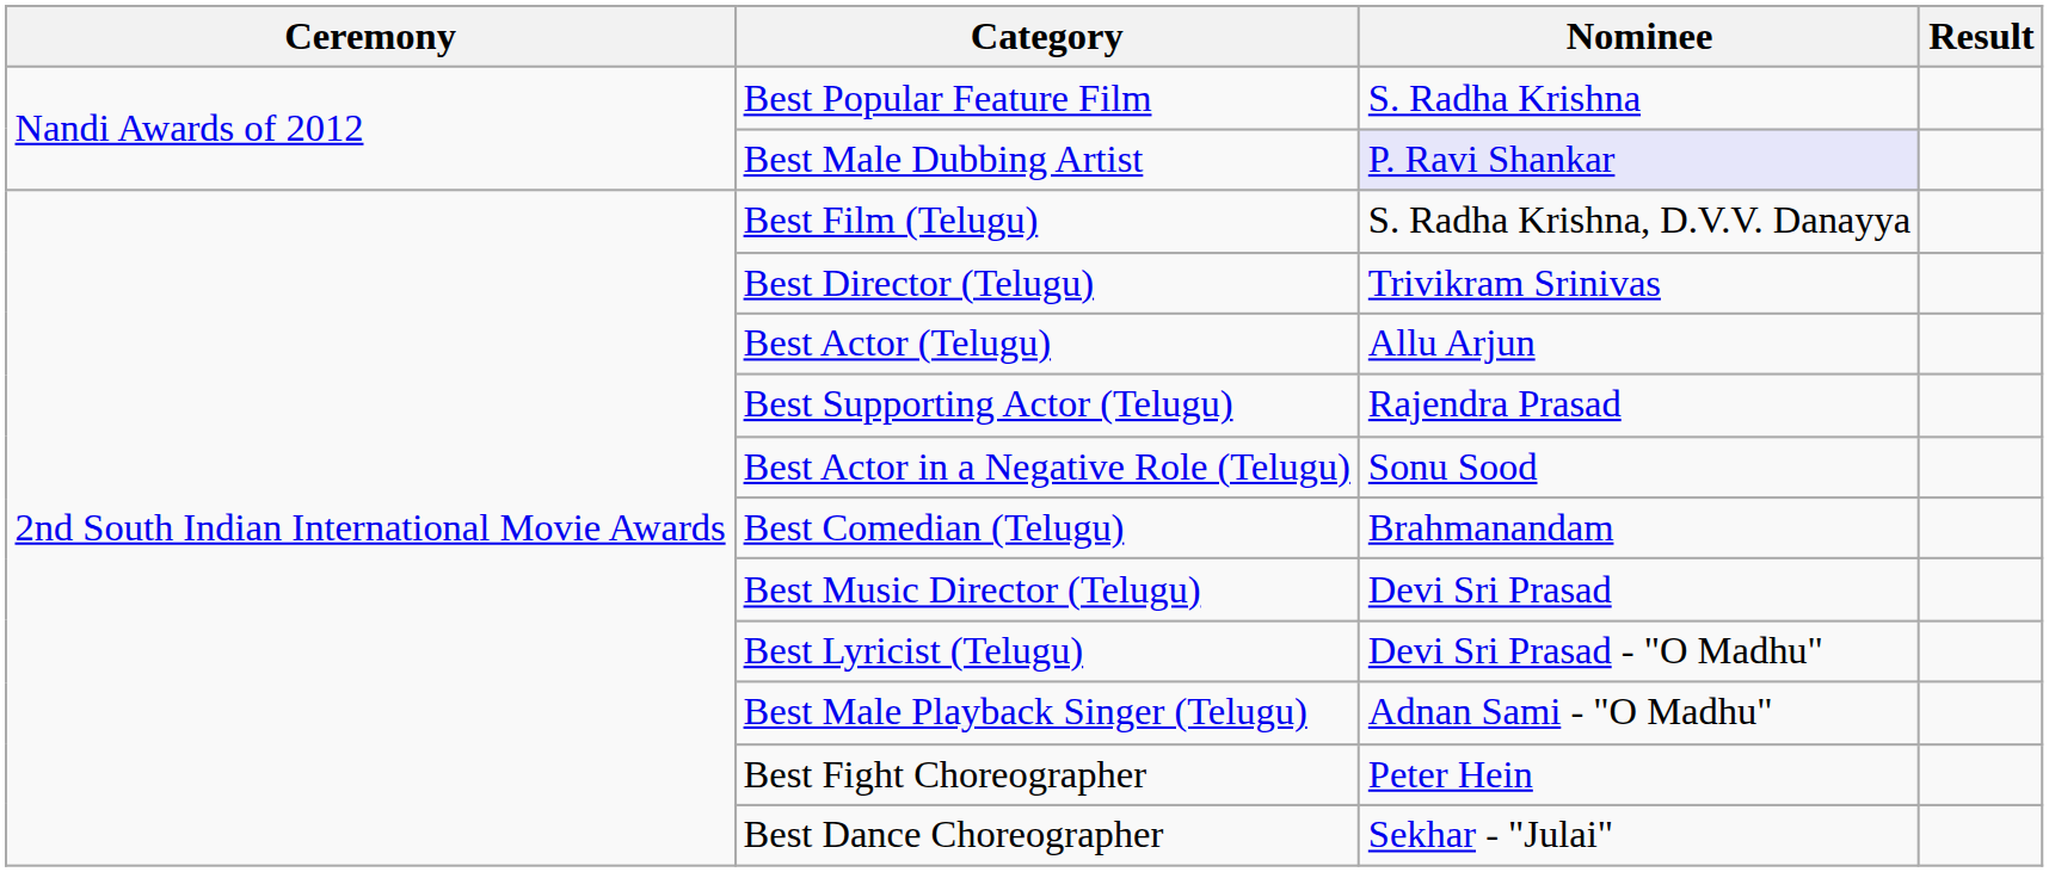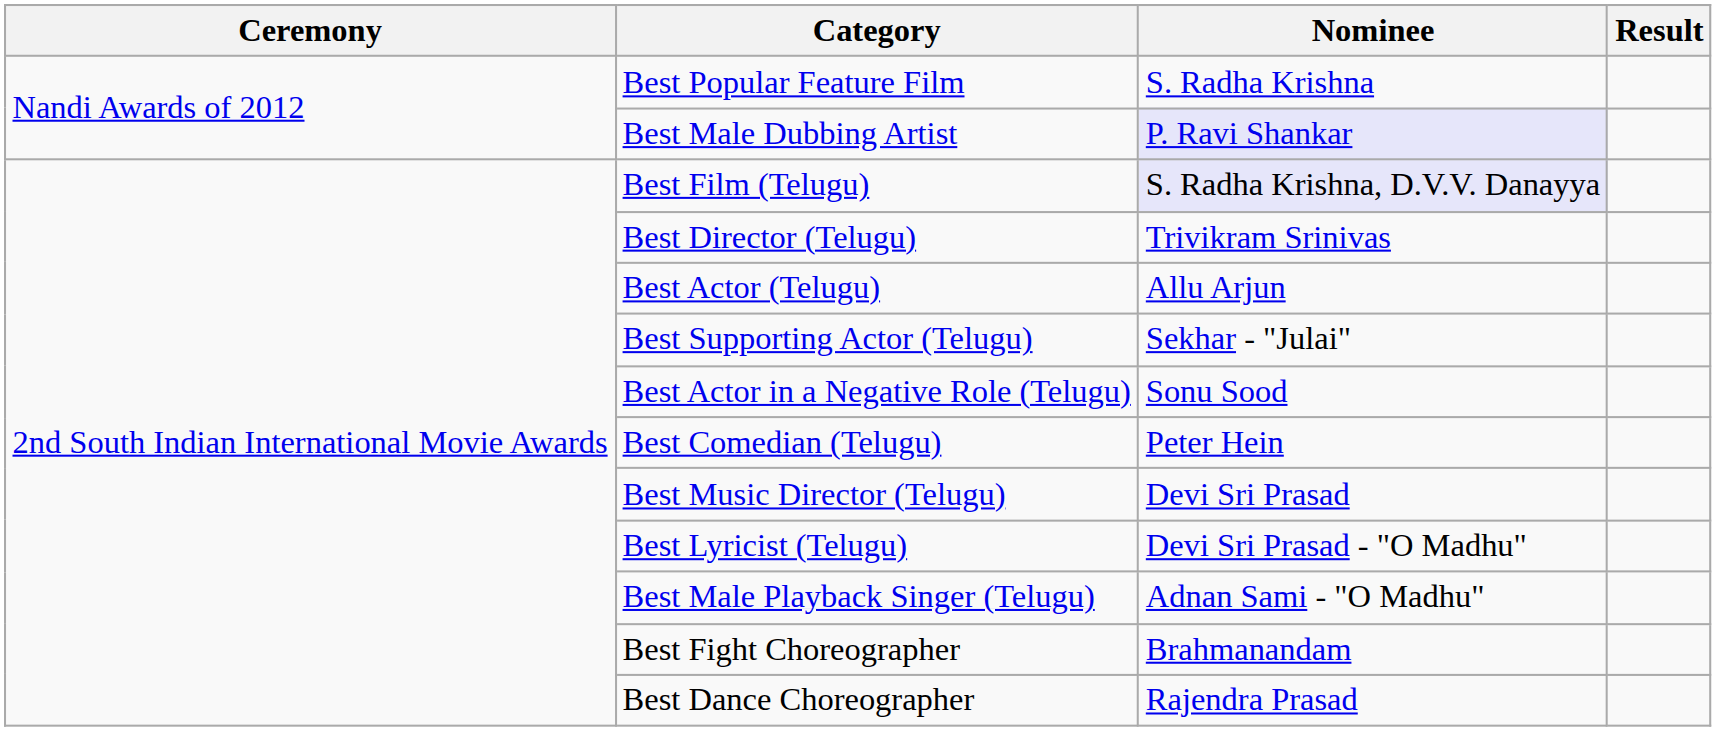 <table class="wikitable">
 <tr>
 <th>Ceremony</th>
 <th>Category</th>
 <th>Nominee</th>
 <th>Result</th>
 </tr>
 <tr>
 <td rowspan="2"><a href='#'>Nandi Awards of 2012</a></td>
 <td><a href='#'>Best Popular Feature Film</a></td>
 <td><a href='#'>S. Radha Krishna</a></td>
 <td></td>
 </tr>
 <tr>
 <td><a href='#'>Best Male Dubbing Artist</a></td>
 <td style="background: lavender;"><a href='#'>P. Ravi Shankar</a></td>
 <td></td>
 </tr>
 <tr>
 <td rowspan="11"><a href='#'>2nd South Indian International Movie Awards</a></td>
 <td><a href='#'>Best Film (Telugu)</a></td>
-<td>S. Radha Krishna, D.V.V. Danayya</td>
+<td style="background: lavender;">S. Radha Krishna, D.V.V. Danayya</td>
 <td></td>
 </tr>
 <tr>
 <td><a href='#'>Best Director (Telugu)</a></td>
 <td><a href='#'>Trivikram Srinivas</a></td>
 <td></td>
 </tr>
 <tr>
 <td><a href='#'>Best Actor (Telugu)</a></td>
 <td><a href='#'>Allu Arjun</a></td>
 <td></td>
 </tr>
 <tr>
 <td><a href='#'>Best Supporting Actor (Telugu)</a></td>
-<td><a href='#'>Rajendra Prasad</a></td>
+<td><a href='#'>Sekhar</a> - "Julai"</td>
 <td></td>
 </tr>
 <tr>
 <td><a href='#'>Best Actor in a Negative Role (Telugu)</a></td>
 <td><a href='#'>Sonu Sood</a></td>
 <td></td>
 </tr>
 <tr>
 <td><a href='#'>Best Comedian (Telugu)</a></td>
-<td><a href='#'>Brahmanandam</a></td>
+<td><a href='#'>Peter Hein</a></td>
 <td></td>
 </tr>
 <tr>
 <td><a href='#'>Best Music Director (Telugu)</a></td>
 <td><a href='#'>Devi Sri Prasad</a></td>
 <td></td>
 </tr>
 <tr>
 <td><a href='#'>Best Lyricist (Telugu)</a></td>
 <td><a href='#'>Devi Sri Prasad</a> - "O Madhu"</td>
 <td></td>
 </tr>
 <tr>
 <td><a href='#'>Best Male Playback Singer (Telugu)</a></td>
 <td><a href='#'>Adnan Sami</a> - "O Madhu"</td>
 <td></td>
 </tr>
 <tr>
 <td>Best Fight Choreographer</td>
-<td><a href='#'>Peter Hein</a></td>
+<td><a href='#'>Brahmanandam</a></td>
 <td></td>
 </tr>
 <tr>
 <td>Best Dance Choreographer</td>
-<td><a href='#'>Sekhar</a> - "Julai"</td>
+<td><a href='#'>Rajendra Prasad</a></td>
 <td></td>
 </tr>
 </table>
